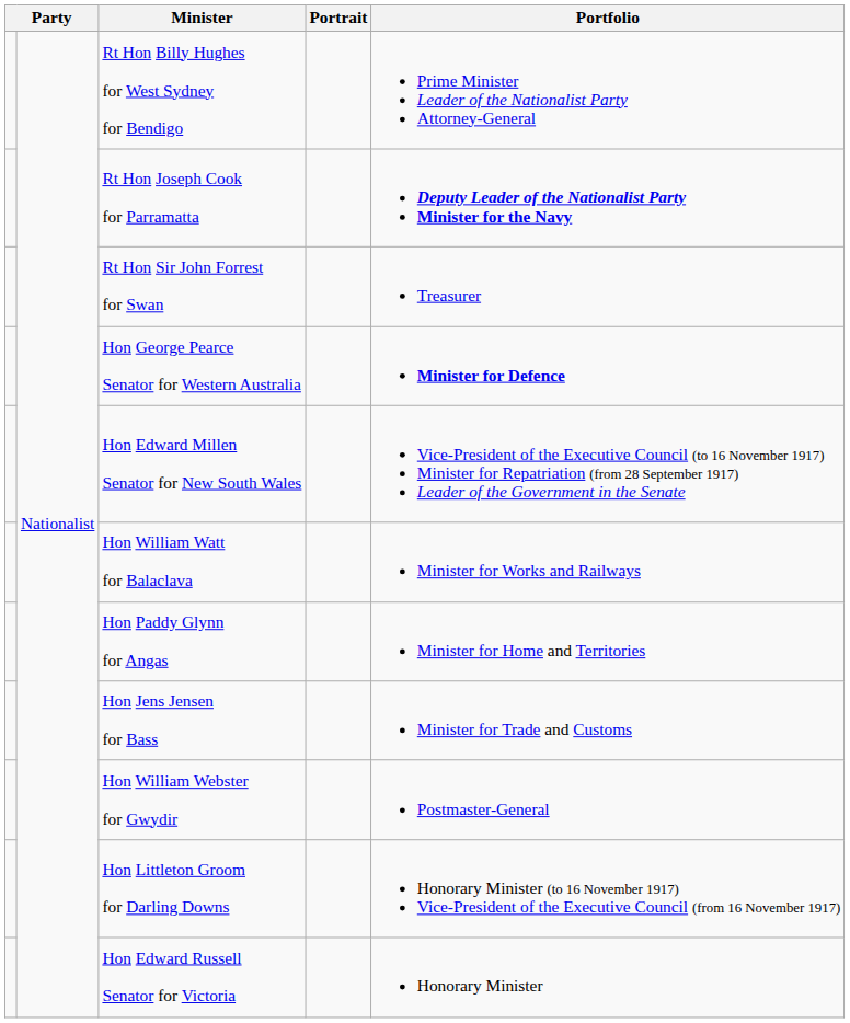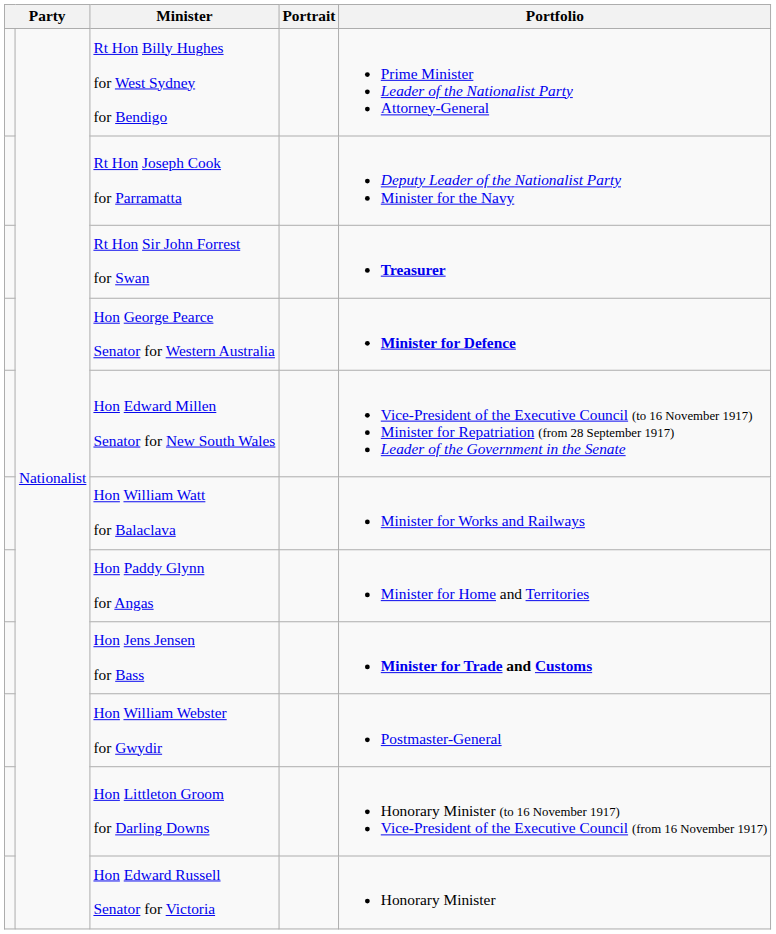 <table class="wikitable sortable">
 <tr>
 <th colspan="2">Party</th>
 <th>Minister</th>
 <th>Portrait</th>
 <th>Portfolio</th>
 </tr>
 <tr>
 <td> </td>
 <td rowspan=11><a href='#'>Nationalist</a></td>
 <td><a href='#'>Rt Hon</a> <a href='#'>Billy Hughes</a>  <br><br> for <a href='#'>West Sydney</a> <br><br> for <a href='#'>Bendigo</a> <br></td>
 <td></td>
 <td><br><ul><li><a href='#'>Prime Minister</a></li><li><em><a href='#'>Leader of the Nationalist Party</a></em></li><li><a href='#'>Attorney-General</a></li></ul></td>
 </tr>
 <tr>
 <td> </td>
 <td><a href='#'>Rt Hon</a> <a href='#'>Joseph Cook</a> <br><br> for <a href='#'>Parramatta</a> <br></td>
 <td></td>
-<td><strong><br><ul><li><em><a href='#'>Deputy Leader of the Nationalist Party</a></em></li><li><a href='#'>Minister for the Navy</a></li></ul></strong></td>
+<td><br><ul><li><em><a href='#'>Deputy Leader of the Nationalist Party</a></em></li><li><a href='#'>Minister for the Navy</a></li></ul></td>
 </tr>
 <tr>
 <td> </td>
 <td><a href='#'>Rt Hon</a> <a href='#'>Sir John Forrest</a>  <br><br> for <a href='#'>Swan</a> <br></td>
 <td></td>
-<td><br><ul><li><a href='#'>Treasurer</a></li></ul></td>
+<td><strong><br><ul><li><a href='#'>Treasurer</a></li></ul></strong></td>
 </tr>
 <tr>
 <td> </td>
 <td><a href='#'>Hon</a> <a href='#'>George Pearce</a> <br><br><a href='#'>Senator</a> for <a href='#'>Western Australia</a> <br></td>
 <td></td>
 <td><strong><br><ul><li><a href='#'>Minister for Defence</a></li></ul></strong></td>
 </tr>
 <tr>
 <td> </td>
 <td><a href='#'>Hon</a> <a href='#'>Edward Millen</a> <br><br><a href='#'>Senator</a> for <a href='#'>New South Wales</a> <br></td>
 <td></td>
 <td><br><ul><li><a href='#'>Vice-President of the Executive Council</a> <small>(to 16 November 1917)</small></li><li><a href='#'>Minister for Repatriation</a> <small>(from 28 September 1917)</small></li><li><em><a href='#'>Leader of the Government in the Senate</a></em></li></ul></td>
 </tr>
 <tr>
 <td> </td>
 <td><a href='#'>Hon</a> <a href='#'>William Watt</a> <br><br> for <a href='#'>Balaclava</a> <br></td>
 <td></td>
 <td><br><ul><li><a href='#'>Minister for Works and Railways</a></li></ul></td>
 </tr>
 <tr>
 <td> </td>
 <td><a href='#'>Hon</a> <a href='#'>Paddy Glynn</a>  <br><br> for <a href='#'>Angas</a> <br></td>
 <td></td>
 <td><br><ul><li><a href='#'>Minister for Home</a> and <a href='#'>Territories</a></li></ul></td>
 </tr>
 <tr>
 <td> </td>
 <td><a href='#'>Hon</a> <a href='#'>Jens Jensen</a> <br><br> for <a href='#'>Bass</a> <br></td>
 <td></td>
-<td><br><ul><li><a href='#'>Minister for Trade</a> and <a href='#'>Customs</a></li></ul></td>
+<td><strong><br><ul><li><a href='#'>Minister for Trade</a> and <a href='#'>Customs</a></li></ul></strong></td>
 </tr>
 <tr>
 <td> </td>
 <td><a href='#'>Hon</a> <a href='#'>William Webster</a> <br><br> for <a href='#'>Gwydir</a> <br></td>
 <td></td>
 <td><br><ul><li><a href='#'>Postmaster-General</a></li></ul></td>
 </tr>
 <tr>
 <td> </td>
 <td><a href='#'>Hon</a> <a href='#'>Littleton Groom</a> <br><br> for <a href='#'>Darling Downs</a> <br></td>
 <td></td>
 <td><br><ul><li>Honorary Minister <small>(to 16 November 1917)</small></li><li><a href='#'>Vice-President of the Executive Council</a> <small>(from 16 November 1917)</small></li></ul></td>
 </tr>
 <tr>
 <td> </td>
 <td><a href='#'>Hon</a> <a href='#'>Edward Russell</a> <br><br><a href='#'>Senator</a> for <a href='#'>Victoria</a> <br></td>
 <td></td>
 <td><br><ul><li>Honorary Minister</li></ul></td>
 </tr>
 </table>
